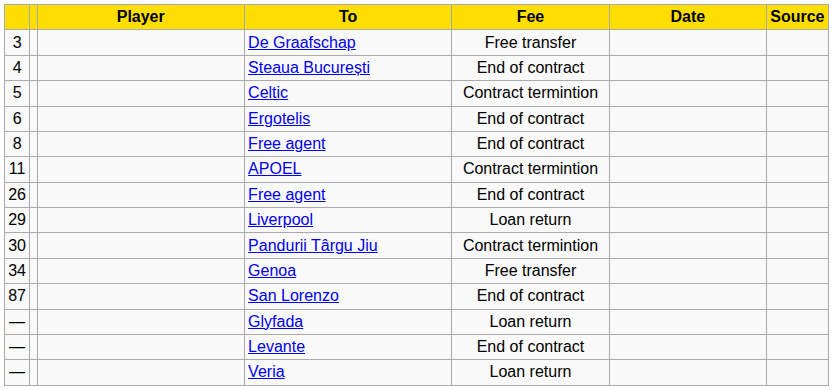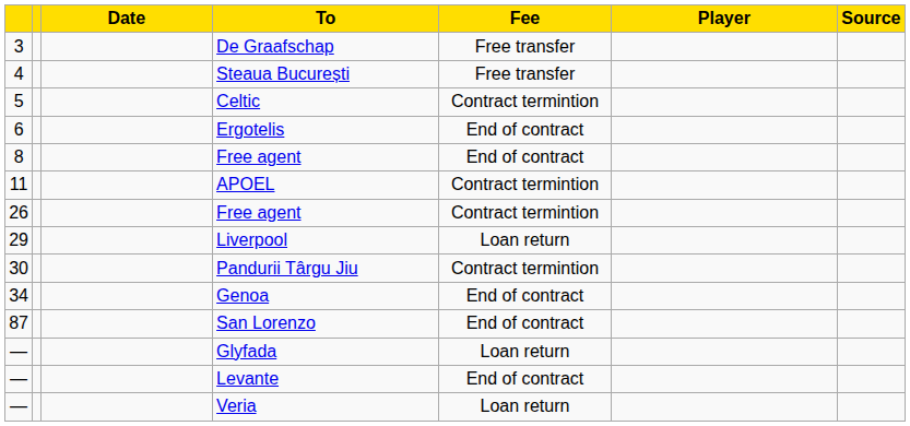 <table class="wikitable sortable">
 <tr>
 <th style="background:#FFDE00"></th>
 <th style="background:#FFDE00"></th>
-<th width=200 style="background:#FFDE00">Player</th>
+<th width=150 style="background:#FFDE00">Date</th>
 <th width=200 style="background:#FFDE00">To</th>
 <th width=150 style="background:#FFDE00">Fee</th>
-<th width=150 style="background:#FFDE00">Date</th>
+<th width=200 style="background:#FFDE00">Player</th>
 <th style="background:#FFDE00">Source</th>
 </tr>
 <tr>
 <td align=center>3</td>
 <td align=center></td>
-<td></td>
+<td align=center></td>
 <td> <a href='#'>De Graafschap</a></td>
 <td align=center>Free transfer</td>
-<td align=center></td>
+<td></td>
 <td align=center></td>
 </tr>
 <tr>
 <td align=center>4</td>
 <td align=center></td>
+<td align=center></td>
+<td> <a href='#'>Steaua București</a></td>
+<td align=center>Free transfer</td>
 <td></td>
-<td> <a href='#'>Steaua București</a></td>
-<td align=center>End of contract</td>
-<td align=center></td>
 <td align=center></td>
 </tr>
 <tr>
 <td align=center>5</td>
 <td align=center></td>
-<td></td>
+<td align=center></td>
 <td> <a href='#'>Celtic</a></td>
 <td align=center>Contract termintion</td>
-<td align=center></td>
+<td></td>
 <td align=center></td>
 </tr>
 <tr>
 <td align=center>6</td>
 <td align=center></td>
-<td></td>
+<td align=center></td>
 <td> <a href='#'>Ergotelis</a></td>
 <td align=center>End of contract</td>
-<td align=center></td>
+<td></td>
 <td align=center></td>
 </tr>
 <tr>
 <td align=center>8</td>
 <td align=center></td>
-<td></td>
+<td align=center></td>
 <td><a href='#'>Free agent</a></td>
 <td align=center>End of contract</td>
-<td align=center></td>
+<td></td>
 <td align=center></td>
 </tr>
 <tr>
 <td align=center>11</td>
 <td align=center></td>
-<td></td>
+<td align=center></td>
 <td> <a href='#'>APOEL</a></td>
 <td align=center>Contract termintion</td>
-<td align=center></td>
+<td></td>
 <td align=center></td>
 </tr>
 <tr>
 <td align=center>26</td>
 <td align=center></td>
+<td align=center></td>
+<td><a href='#'>Free agent</a></td>
+<td align=center>Contract termintion</td>
 <td></td>
-<td><a href='#'>Free agent</a></td>
-<td align=center>End of contract</td>
-<td align=center></td>
 <td align=center></td>
 </tr>
 <tr>
 <td align=center>29</td>
 <td align=center></td>
-<td></td>
+<td align=center></td>
 <td> <a href='#'>Liverpool</a></td>
 <td align=center>Loan return</td>
-<td align=center></td>
+<td></td>
 <td align=center></td>
 </tr>
 <tr>
 <td align=center>30</td>
 <td align=center></td>
-<td></td>
+<td align=center></td>
 <td> <a href='#'>Pandurii Târgu Jiu</a></td>
 <td align=center>Contract termintion</td>
-<td align=center></td>
+<td></td>
 <td align=center></td>
 </tr>
 <tr>
 <td align=center>34</td>
 <td align=center></td>
+<td align=center></td>
+<td> <a href='#'>Genoa</a></td>
+<td align=center>End of contract</td>
 <td></td>
-<td> <a href='#'>Genoa</a></td>
-<td align=center>Free transfer</td>
-<td align=center></td>
 <td align=center></td>
 </tr>
 <tr>
 <td align=center>87</td>
 <td align=center></td>
-<td></td>
+<td align=center></td>
 <td> <a href='#'>San Lorenzo</a></td>
 <td align=center>End of contract</td>
-<td align=center></td>
+<td></td>
 <td align=center></td>
 </tr>
 <tr>
 <td align=center>—</td>
 <td align=center></td>
-<td></td>
+<td align=center></td>
 <td> <a href='#'>Glyfada</a></td>
 <td align=center>Loan return</td>
-<td align=center></td>
+<td></td>
 <td align=center></td>
 </tr>
 <tr>
 <td align=center>—</td>
 <td align=center></td>
-<td></td>
+<td align=center></td>
 <td> <a href='#'>Levante</a></td>
 <td align=center>End of contract</td>
-<td align=center></td>
+<td></td>
 <td align=center></td>
 </tr>
 <tr>
 <td align=center>—</td>
 <td align=center></td>
-<td></td>
+<td align=center></td>
 <td> <a href='#'>Veria</a></td>
 <td align=center>Loan return</td>
-<td align=center></td>
+<td></td>
 <td align=center></td>
 </tr>
 </table>
